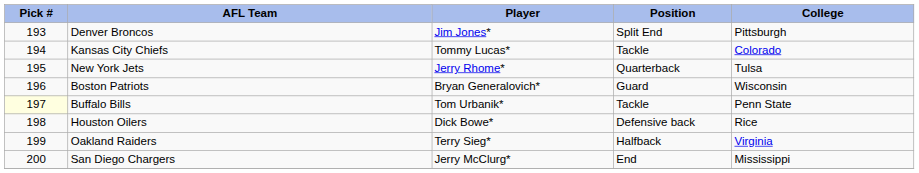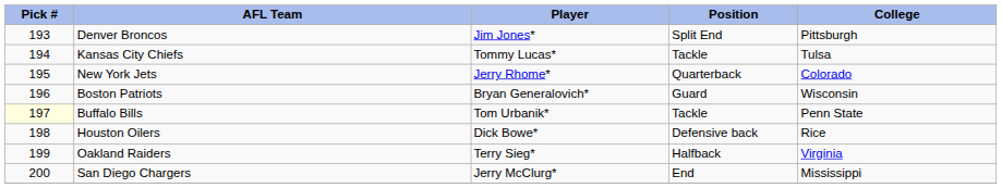 <table class="wikitable sortable sortable" style="width: 100%">
 <tr>
 <th style="background:#A8BDEC;" width=7%>Pick #</th>
 <th width=40% style="background:#A8BDEC;">AFL Team</th>
 <th width=20% style="background:#A8BDEC;">Player</th>
 <th width=13% style="background:#A8BDEC;">Position</th>
 <th style="background:#A8BDEC;">College</th>
 </tr>
 <tr>
 <td align=center>193</td>
 <td>Denver Broncos</td>
 <td><a href='#'>Jim Jones</a>*</td>
 <td>Split End</td>
 <td>Pittsburgh</td>
 </tr>
 <tr>
 <td align=center>194</td>
 <td>Kansas City Chiefs</td>
 <td>Tommy Lucas*</td>
 <td>Tackle</td>
-<td><a href='#'>Colorado</a></td>
+<td>Tulsa</td>
 </tr>
 <tr>
 <td align=center>195</td>
 <td>New York Jets</td>
 <td><a href='#'>Jerry Rhome</a>*</td>
 <td>Quarterback</td>
-<td>Tulsa</td>
+<td><a href='#'>Colorado</a></td>
 </tr>
 <tr>
 <td align=center>196</td>
 <td>Boston Patriots</td>
 <td>Bryan Generalovich*</td>
 <td>Guard</td>
 <td>Wisconsin</td>
 </tr>
 <tr>
 <td align=center style="background: lightyellow;">197</td>
 <td>Buffalo Bills</td>
 <td>Tom Urbanik*</td>
 <td>Tackle</td>
 <td>Penn State</td>
 </tr>
 <tr>
 <td align=center>198</td>
 <td>Houston Oilers</td>
 <td>Dick Bowe*</td>
 <td>Defensive back</td>
 <td>Rice</td>
 </tr>
 <tr>
 <td align=center>199</td>
 <td>Oakland Raiders</td>
 <td>Terry Sieg*</td>
 <td>Halfback</td>
 <td><a href='#'>Virginia</a></td>
 </tr>
 <tr>
 <td align=center>200</td>
 <td>San Diego Chargers</td>
 <td>Jerry McClurg*</td>
 <td>End</td>
 <td>Mississippi</td>
 </tr>
 <tr>
 </tr>
 </table>
